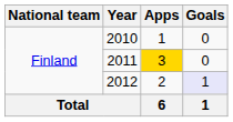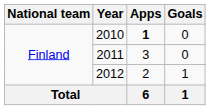 <table class="wikitable" style="text-align:center">
 <tr>
 <th>National team</th>
 <th>Year</th>
 <th>Apps</th>
 <th>Goals</th>
 </tr>
 <tr>
 <td rowspan="3"><a href='#'>Finland</a></td>
 <td>2010</td>
-<td>1</td>
+<td><strong>1</strong></td>
 <td>0</td>
 </tr>
 <tr>
 <td>2011</td>
-<td style="background: gold;">3</td>
+<td>3</td>
 <td>0</td>
 </tr>
 <tr>
 <td>2012</td>
 <td>2</td>
-<td style="background: lavender;">1</td>
+<td>1</td>
 </tr>
 <tr>
 <th colspan="2">Total</th>
 <th>6</th>
 <th>1</th>
 </tr>
 </table>
